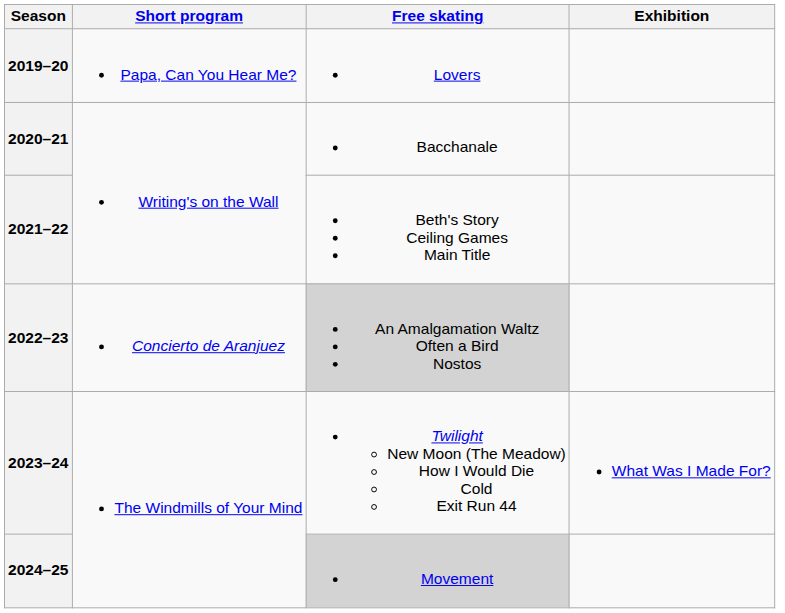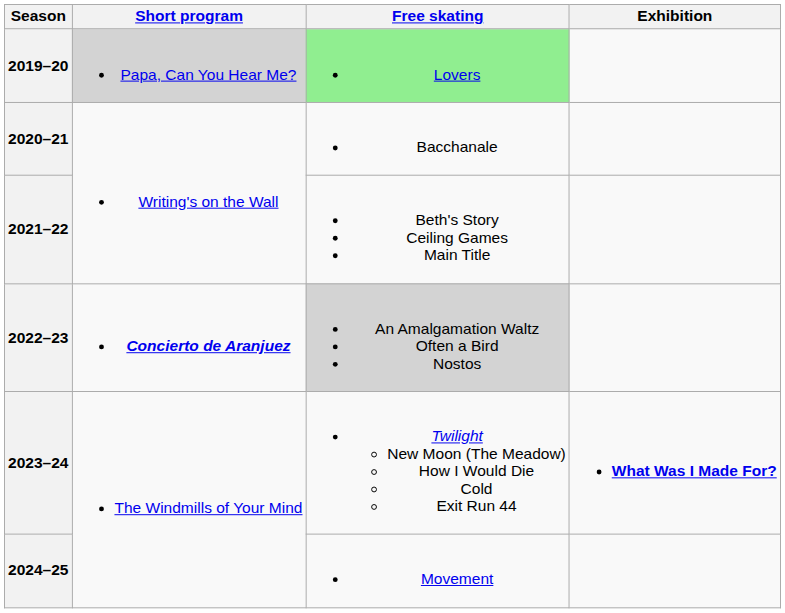 <table class="wikitable" style="text-align:center">
 <tr>
 <th>Season</th>
 <th><a href='#'>Short program</a></th>
 <th><a href='#'>Free skating</a></th>
 <th>Exhibition</th>
 </tr>
 <tr>
 <th>2019–20 <br></th>
-<td><br><ul><li><a href='#'>Papa, Can You Hear Me?</a> <br> </li></ul></td>
-<td><br><ul><li><a href='#'>Lovers</a> <br> </li></ul></td>
+<td style="background: lightgrey;"><br><ul><li><a href='#'>Papa, Can You Hear Me?</a> <br> </li></ul></td>
+<td style="background: lightgreen;"><br><ul><li><a href='#'>Lovers</a> <br> </li></ul></td>
 <td></td>
 </tr>
 <tr>
 <th>2020–21 <br></th>
 <td rowspan=2><br><ul><li><a href='#'>Writing's on the Wall</a> <br> </li></ul></td>
 <td><br><ul><li>Bacchanale <br> </li></ul></td>
 <td></td>
 </tr>
 <tr>
 <th>2021–22 <br></th>
 <td><br><ul><li>Beth's Story</li><li>Ceiling Games</li><li>Main Title<br> </li></ul></td>
 <td></td>
 </tr>
 <tr>
 <th>2022–23 <br></th>
-<td><br><ul><li><em><a href='#'>Concierto de Aranjuez</a></em> <br> </li></ul></td>
+<td><strong><br><ul><li><em><a href='#'>Concierto de Aranjuez</a></em> <br> </li></ul></strong></td>
 <td style="background: lightgrey;"><br><ul><li>An Amalgamation Waltz <br> </li><li>Often a Bird <br> </li><li>Nostos <br> </li></ul></td>
 <td></td>
 </tr>
 <tr>
 <th>2023–24 <br> </th>
 <td rowspan=2><br><ul><li><a href='#'>The Windmills of Your Mind</a> <br> </li></ul></td>
 <td><br><ul><li><em><a href='#'>Twilight</a></em><ul><li>New Moon (The Meadow) <br> </li><li>How I Would Die <br> </li><li>Cold <br> </li><li>Exit Run 44 <br> </li></ul></li></ul></td>
-<td><br><ul><li><a href='#'>What Was I Made For?</a> <br> </li></ul></td>
+<td><strong><br><ul><li><a href='#'>What Was I Made For?</a> <br> </li></ul></strong></td>
 </tr>
 <tr>
 <th>2024–25 <br> </th>
-<td style="background: lightgrey;"><br><ul><li><a href='#'>Movement</a> <br> </li></ul></td>
+<td><br><ul><li><a href='#'>Movement</a> <br> </li></ul></td>
 <td></td>
 </tr>
 </table>
